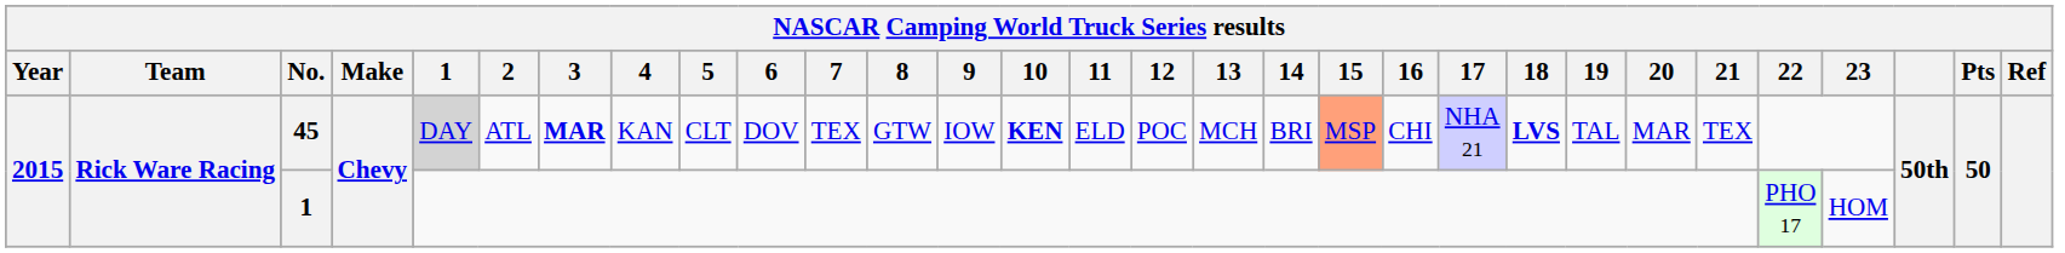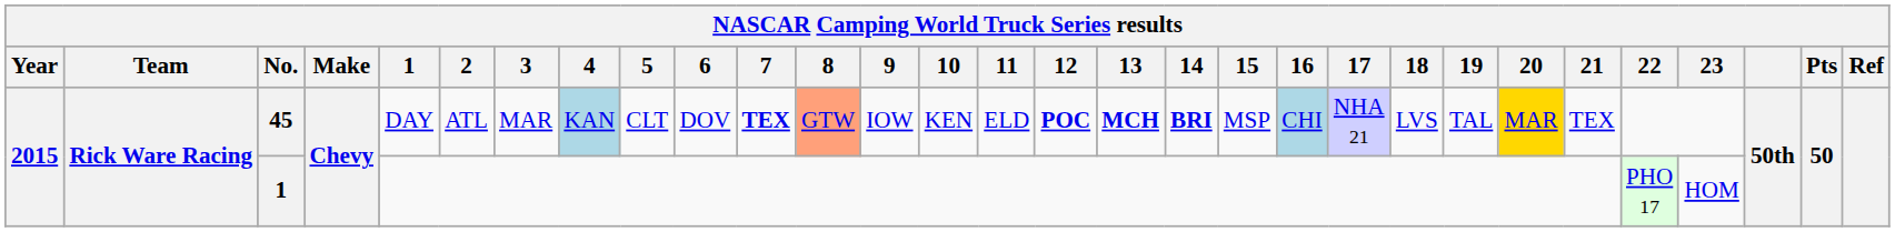 <table class="wikitable" style="text-align:center; font-size:75%">
 <tr>
 <th colspan=45><a href='#'>NASCAR</a> <a href='#'>Camping World Truck Series</a> results</th>
 </tr>
 <tr>
 <th>Year</th>
 <th>Team</th>
 <th>No.</th>
 <th>Make</th>
 <th>1</th>
 <th>2</th>
 <th>3</th>
 <th>4</th>
 <th>5</th>
 <th>6</th>
 <th>7</th>
 <th>8</th>
 <th>9</th>
 <th>10</th>
 <th>11</th>
 <th>12</th>
 <th>13</th>
 <th>14</th>
 <th>15</th>
 <th>16</th>
 <th>17</th>
 <th>18</th>
 <th>19</th>
 <th>20</th>
 <th>21</th>
 <th>22</th>
 <th>23</th>
 <th></th>
 <th>Pts</th>
 <th>Ref</th>
 </tr>
 <tr>
 <th rowspan=2><a href='#'>2015</a></th>
 <th rowspan=2><a href='#'>Rick Ware Racing</a></th>
 <th>45</th>
 <th rowspan=2><a href='#'>Chevy</a></th>
-<td style="background: lightgrey;"><a href='#'>DAY</a></td>
+<td><a href='#'>DAY</a></td>
 <td><a href='#'>ATL</a></td>
-<td><strong><a href='#'>MAR</a></strong></td>
-<td><a href='#'>KAN</a></td>
+<td><a href='#'>MAR</a></td>
+<td style="background: lightblue;"><a href='#'>KAN</a></td>
 <td><a href='#'>CLT</a></td>
 <td><a href='#'>DOV</a></td>
-<td><a href='#'>TEX</a></td>
-<td><a href='#'>GTW</a></td>
+<td><strong><a href='#'>TEX</a></strong></td>
+<td style="background: lightsalmon;"><a href='#'>GTW</a></td>
 <td><a href='#'>IOW</a></td>
-<td><strong><a href='#'>KEN</a></strong></td>
+<td><a href='#'>KEN</a></td>
 <td><a href='#'>ELD</a></td>
-<td><a href='#'>POC</a></td>
-<td><a href='#'>MCH</a></td>
-<td><a href='#'>BRI</a></td>
-<td style="background: lightsalmon;"><a href='#'>MSP</a></td>
-<td><a href='#'>CHI</a></td>
+<td><strong><a href='#'>POC</a></strong></td>
+<td><strong><a href='#'>MCH</a></strong></td>
+<td><strong><a href='#'>BRI</a></strong></td>
+<td><a href='#'>MSP</a></td>
+<td style="background: lightblue;"><a href='#'>CHI</a></td>
 <td style="background:#CFCFFF;"><a href='#'>NHA</a><br><small>21</small></td>
-<td><strong><a href='#'>LVS</a></strong></td>
+<td><a href='#'>LVS</a></td>
 <td><a href='#'>TAL</a></td>
-<td><a href='#'>MAR</a></td>
+<td style="background: gold;"><a href='#'>MAR</a></td>
 <td><a href='#'>TEX</a></td>
 <td colspan=2></td>
 <th rowspan=2>50th</th>
 <th rowspan=2>50</th>
 <th rowspan=2></th>
 </tr>
 <tr>
 <th>1</th>
 <td colspan=21></td>
 <td style="background:#DFFFDF;"><a href='#'>PHO</a><br><small>17</small></td>
 <td><a href='#'>HOM</a></td>
 </tr>
 </table>
